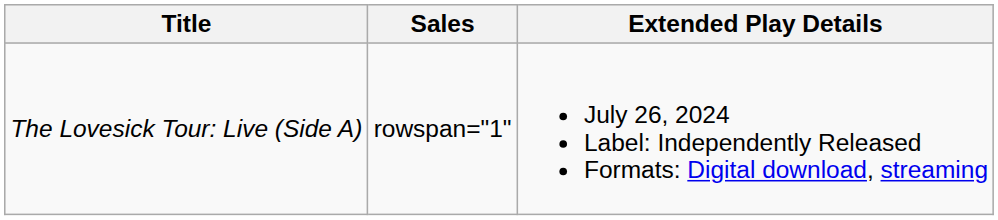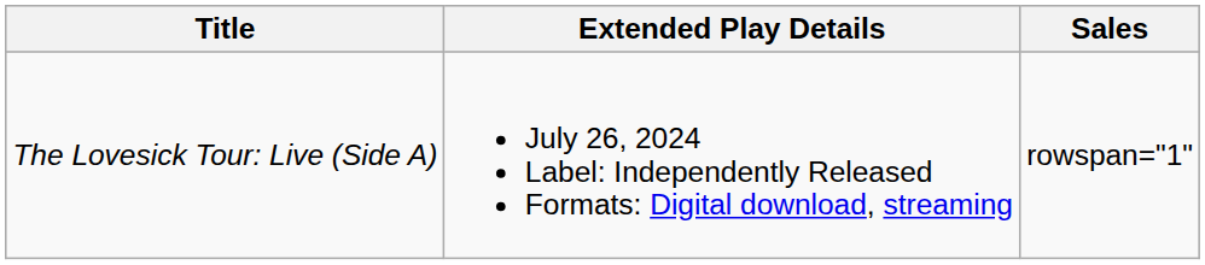 <table class="wikitable">
 <tr>
 <th>Title</th>
+<th>Extended Play Details</th>
 <th>Sales</th>
-<th>Extended Play Details</th>
 </tr>
 <tr>
 <td><em>The Lovesick Tour: Live (Side A)</em></td>
+<td><br><ul><li>July 26, 2024</li><li>Label: Independently Released</li><li>Formats: <a href='#'>Digital download</a>, <a href='#'>streaming</a></li></ul></td>
 <td>rowspan="1" </td>
-<td><br><ul><li>July 26, 2024</li><li>Label: Independently Released</li><li>Formats: <a href='#'>Digital download</a>, <a href='#'>streaming</a></li></ul></td>
 </tr>
 </table>
